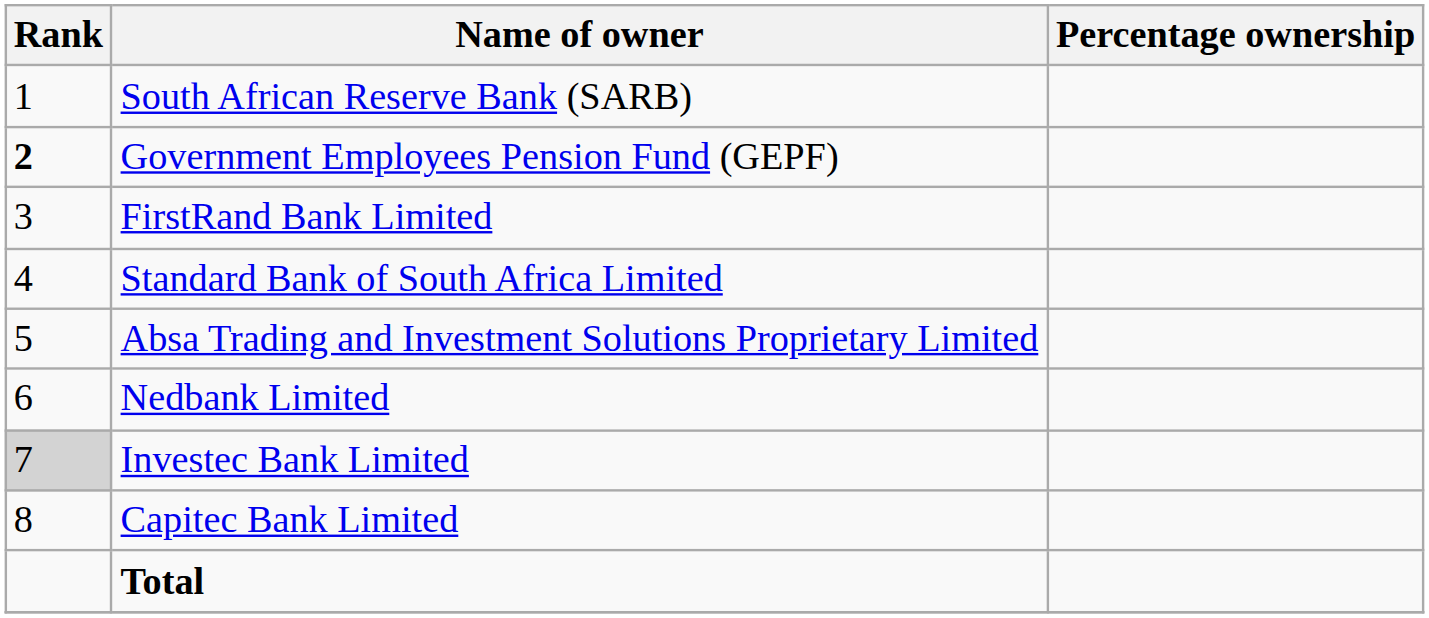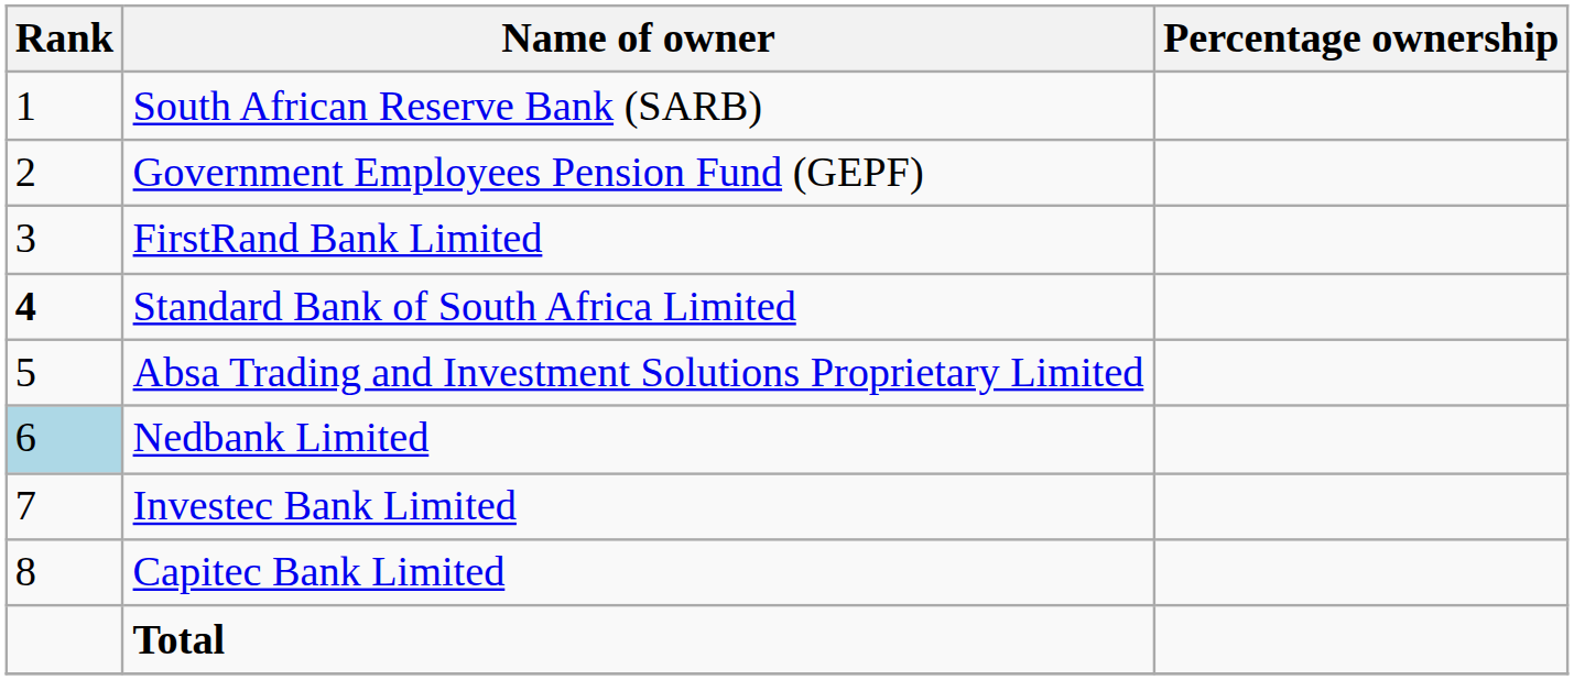 <table class="wikitable sortable" style="margin: 0.5em auto">
 <tr>
 <th>Rank</th>
 <th>Name of owner</th>
 <th>Percentage ownership</th>
 </tr>
 <tr>
 <td>1</td>
 <td><a href='#'>South African Reserve Bank</a> (SARB)</td>
 <td></td>
 </tr>
 <tr>
-<td><strong>2</strong></td>
+<td>2</td>
 <td><a href='#'>Government Employees Pension Fund</a> (GEPF)</td>
 <td></td>
 </tr>
 <tr>
 <td>3</td>
 <td><a href='#'>FirstRand Bank Limited</a></td>
 <td></td>
 </tr>
 <tr>
-<td>4</td>
+<td><strong>4</strong></td>
 <td><a href='#'>Standard Bank of South Africa Limited</a></td>
 <td></td>
 </tr>
 <tr>
 <td>5</td>
 <td><a href='#'>Absa Trading and Investment Solutions Proprietary Limited</a></td>
 <td></td>
 </tr>
 <tr>
-<td>6</td>
+<td style="background: lightblue;">6</td>
 <td><a href='#'>Nedbank Limited</a></td>
 <td></td>
 </tr>
 <tr>
-<td style="background: lightgrey;">7</td>
+<td>7</td>
 <td><a href='#'>Investec Bank Limited</a></td>
 <td></td>
 </tr>
 <tr>
 <td>8</td>
 <td><a href='#'>Capitec Bank Limited</a></td>
 <td></td>
 </tr>
 <tr>
 <td></td>
 <td><strong>Total</strong></td>
 <td></td>
 </tr>
 <tr>
 </tr>
 </table>
